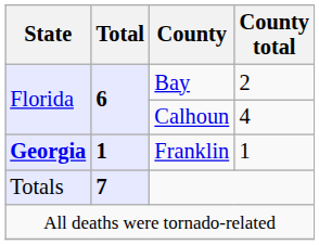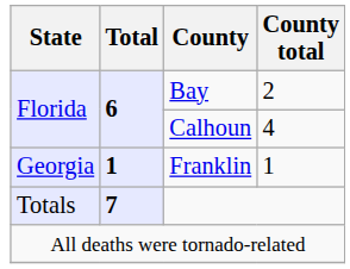 <table class="wikitable" style="margin:0 0 0.5em 1em;float:right;">
 <tr>
 <th>State</th>
 <th>Total</th>
 <th>County</th>
 <th>County<br>total</th>
 </tr>
 <tr>
 <td rowspan=2 bgcolor="#e6e9ff"><a href='#'>Florida</a></td>
 <td rowspan=2 bgcolor="#e6e9ff"><strong>6</strong></td>
 <td><a href='#'>Bay</a></td>
 <td>2</td>
 </tr>
 <tr>
 <td><a href='#'>Calhoun</a></td>
 <td>4</td>
 </tr>
 <tr>
-<td rowspan=1 bgcolor="#e6e9ff"><strong><a href='#'>Georgia</a></strong></td>
+<td rowspan=1 bgcolor="#e6e9ff"><a href='#'>Georgia</a></td>
 <td rowspan=1 bgcolor="#e6e9ff"><strong>1</strong></td>
 <td><a href='#'>Franklin</a></td>
 <td>1</td>
 </tr>
 <tr>
 <td bgcolor="#e6e9ff">Totals</td>
 <td bgcolor="#e6e9ff"><strong>7</strong></td>
 <td colspan=2></td>
 </tr>
 <tr>
 <td colspan=4 align=center><small>All deaths were tornado-related</small></td>
 </tr>
 <tr>
 </tr>
 </table>
